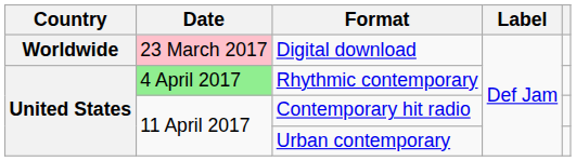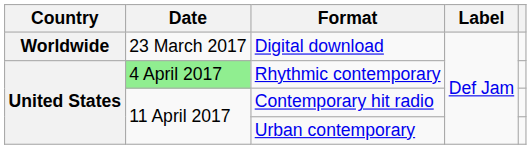 <table class="wikitable plainrowheaders">
 <tr>
 <th>Country</th>
 <th>Date</th>
 <th>Format</th>
 <th>Label</th>
 <th></th>
 </tr>
 <tr>
 <th scope="row">Worldwide</th>
-<td style="background: pink;">23 March 2017</td>
+<td>23 March 2017</td>
 <td><a href='#'>Digital download</a></td>
 <td rowspan="4"><a href='#'>Def Jam</a></td>
 <td style="text-align:center;"></td>
 </tr>
 <tr>
 <th scope="row" rowspan="3">United States</th>
 <td style="background: lightgreen;">4 April 2017</td>
 <td><a href='#'>Rhythmic contemporary</a></td>
 <td style="text-align:center;"></td>
 </tr>
 <tr>
 <td rowspan="2">11 April 2017</td>
 <td><a href='#'>Contemporary hit radio</a></td>
 <td style="text-align:center;"></td>
 </tr>
 <tr>
 <td><a href='#'>Urban contemporary</a></td>
 <td style="text-align:center;"></td>
 </tr>
 </table>
